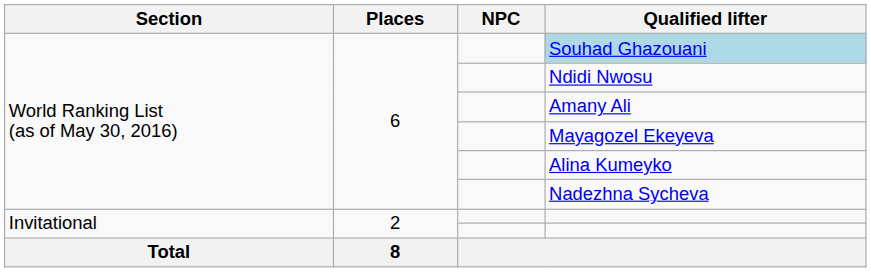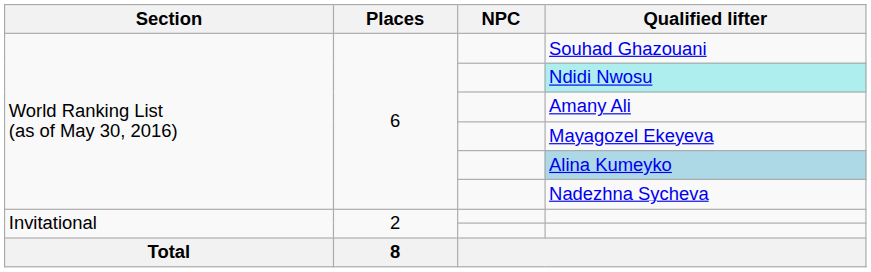 <table class="wikitable"  width=750>
 <tr>
 <th>Section</th>
 <th>Places</th>
 <th>NPC</th>
 <th>Qualified lifter</th>
 </tr>
 <tr>
 <td rowspan=6>World Ranking List<br>(as of May 30, 2016)</td>
 <td rowspan=6 align=center>6</td>
 <td></td>
-<td style="background: lightblue;"><a href='#'>Souhad Ghazouani</a></td>
+<td><a href='#'>Souhad Ghazouani</a></td>
 </tr>
 <tr>
 <td></td>
-<td><a href='#'>Ndidi Nwosu</a></td>
+<td style="background: paleturquoise;"><a href='#'>Ndidi Nwosu</a></td>
 </tr>
 <tr>
 <td></td>
 <td><a href='#'>Amany Ali</a></td>
 </tr>
 <tr>
 <td></td>
 <td><a href='#'>Mayagozel Ekeyeva</a></td>
 </tr>
 <tr>
 <td></td>
-<td><a href='#'>Alina Kumeyko</a></td>
+<td style="background: lightblue;"><a href='#'>Alina Kumeyko</a></td>
 </tr>
 <tr>
 <td></td>
 <td><a href='#'>Nadezhna Sycheva</a></td>
 </tr>
 <tr>
 <td rowspan=2>Invitational</td>
 <td rowspan="2" align=center>2</td>
 <td></td>
 <td></td>
 </tr>
 <tr>
 <td></td>
 <td></td>
 </tr>
 <tr>
 <th>Total</th>
 <th>8</th>
 <th colspan=2></th>
 </tr>
 </table>
